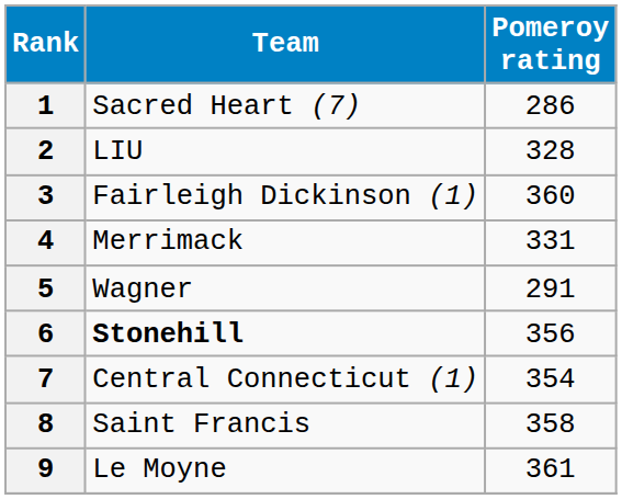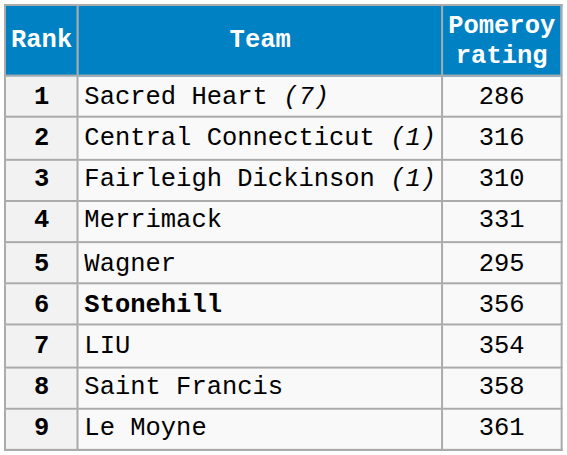 <table class="wikitable sortable">
 <tr>
 <th align="center" style="background-color:#0081C4; color:#FFFFFF;">Rank</th>
 <th align="center" style="background-color:#0081C4; color:#FFFFFF;">Team</th>
 <th align="center" style="background-color:#0081C4; color:#FFFFFF;">Pomeroy<br>rating</th>
 </tr>
 <tr>
 <th>1</th>
 <td>Sacred Heart <em>(7)</em></td>
 <td align="center">286</td>
 </tr>
 <tr>
 <th>2</th>
-<td>LIU</td>
-<td align="center">328</td>
+<td>Central Connecticut <em>(1)</em></td>
+<td align="center">316</td>
 </tr>
 <tr>
 <th>3</th>
 <td>Fairleigh Dickinson <em>(1)</em></td>
-<td align="center">360</td>
+<td align="center">310</td>
 </tr>
 <tr>
 <th>4</th>
 <td>Merrimack</td>
 <td align="center">331</td>
 </tr>
 <tr>
 <th>5</th>
 <td>Wagner</td>
-<td align="center">291</td>
+<td align="center">295</td>
 </tr>
 <tr>
 <th>6</th>
 <td><strong>Stonehill</strong></td>
 <td align="center">356</td>
 </tr>
 <tr>
 <th>7</th>
-<td>Central Connecticut <em>(1)</em></td>
+<td>LIU</td>
 <td align="center">354</td>
 </tr>
 <tr>
 <th>8</th>
 <td>Saint Francis</td>
 <td align="center">358</td>
 </tr>
 <tr>
 <th>9</th>
 <td>Le Moyne</td>
 <td align="center">361</td>
 </tr>
 <tr>
 </tr>
 </table>
